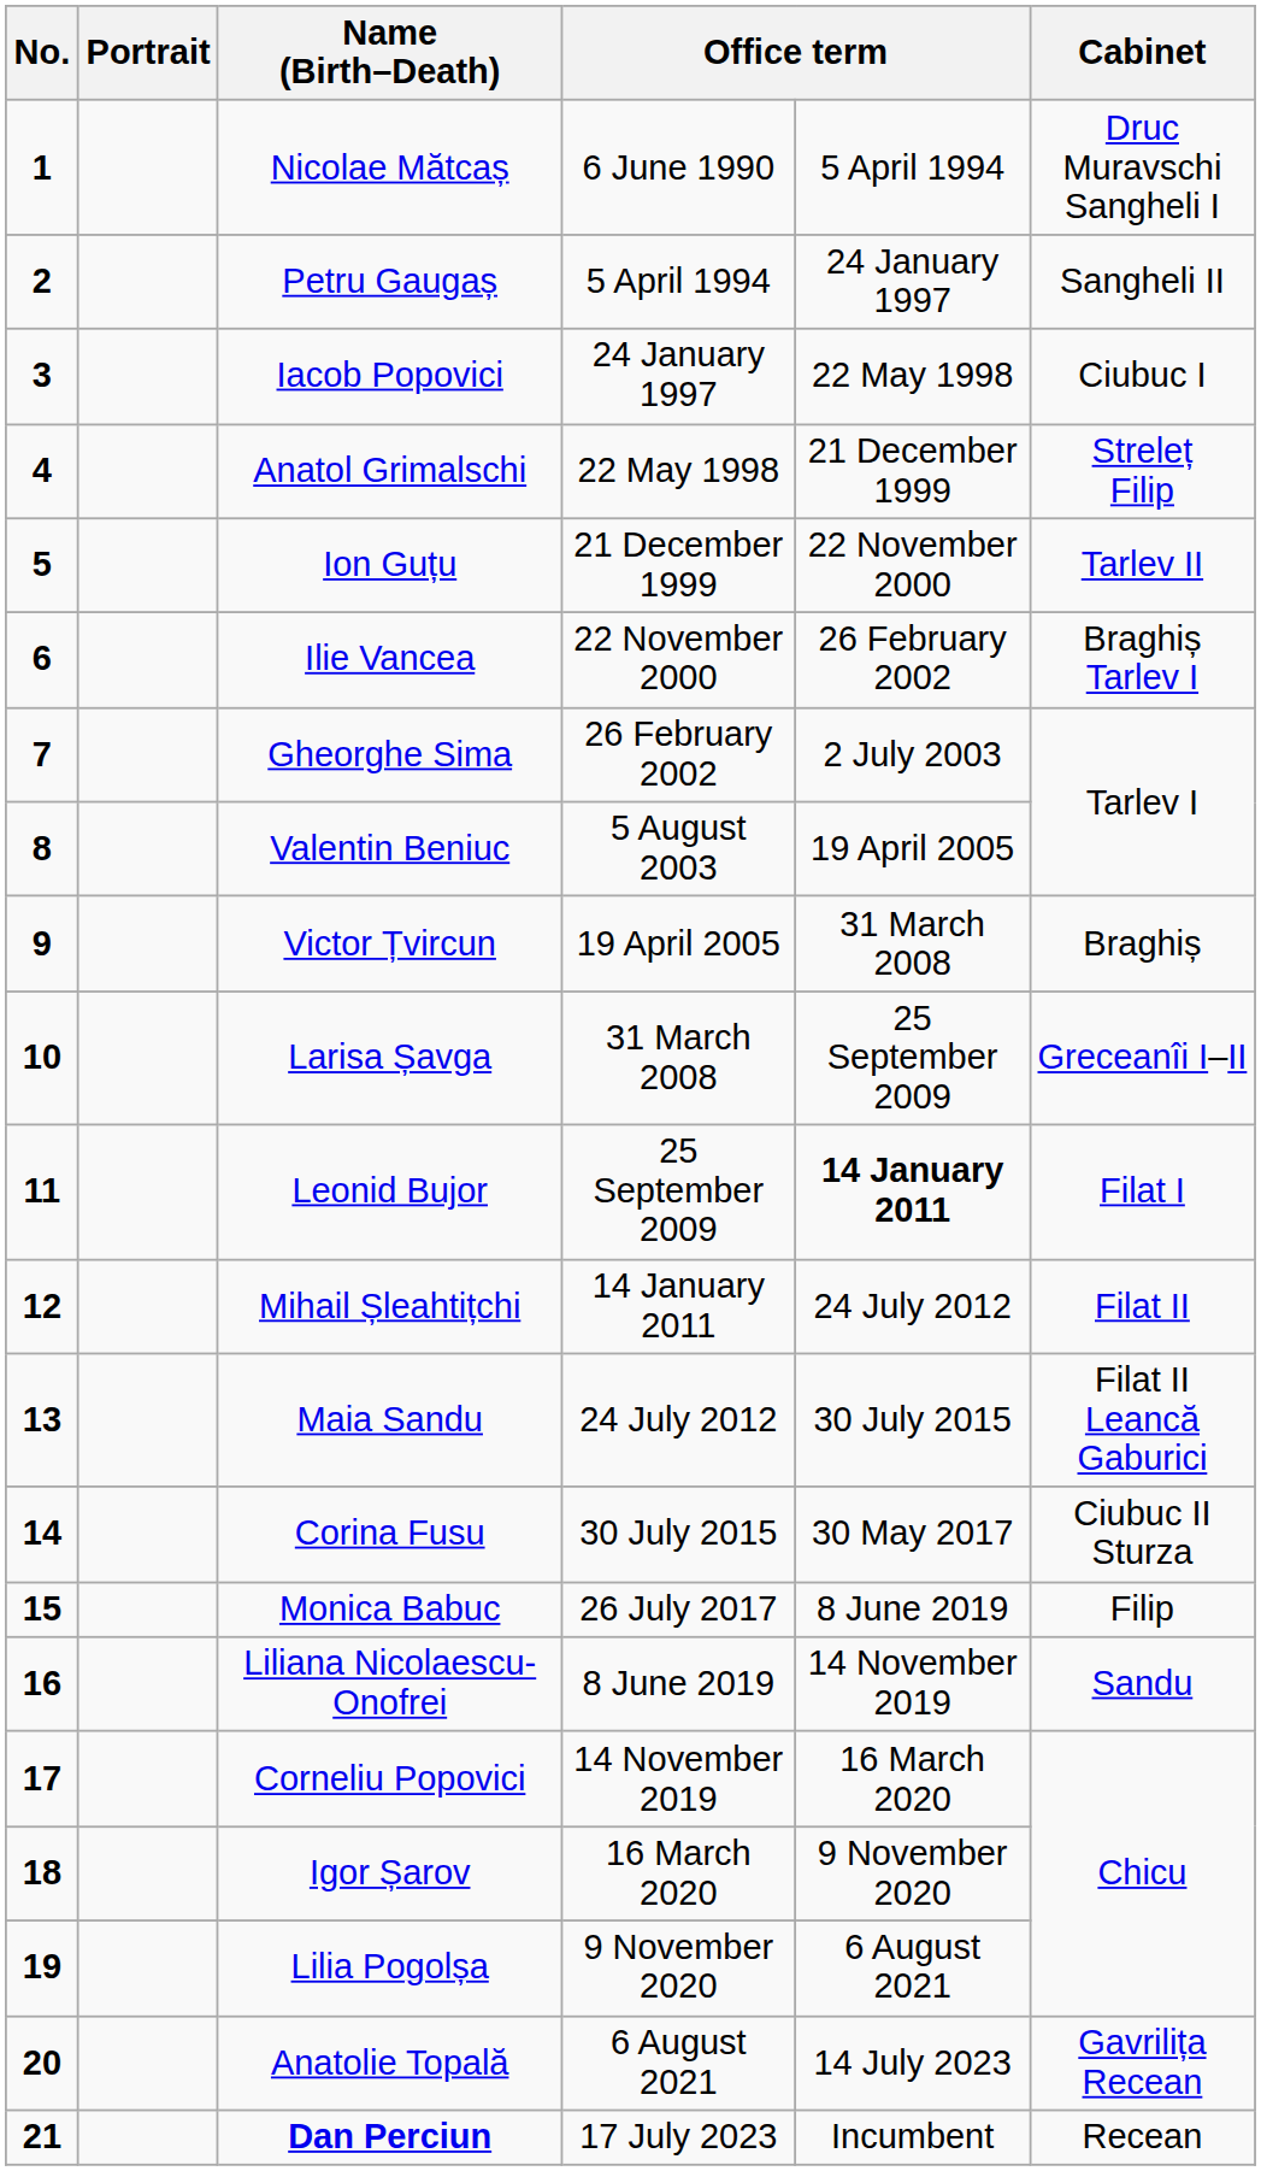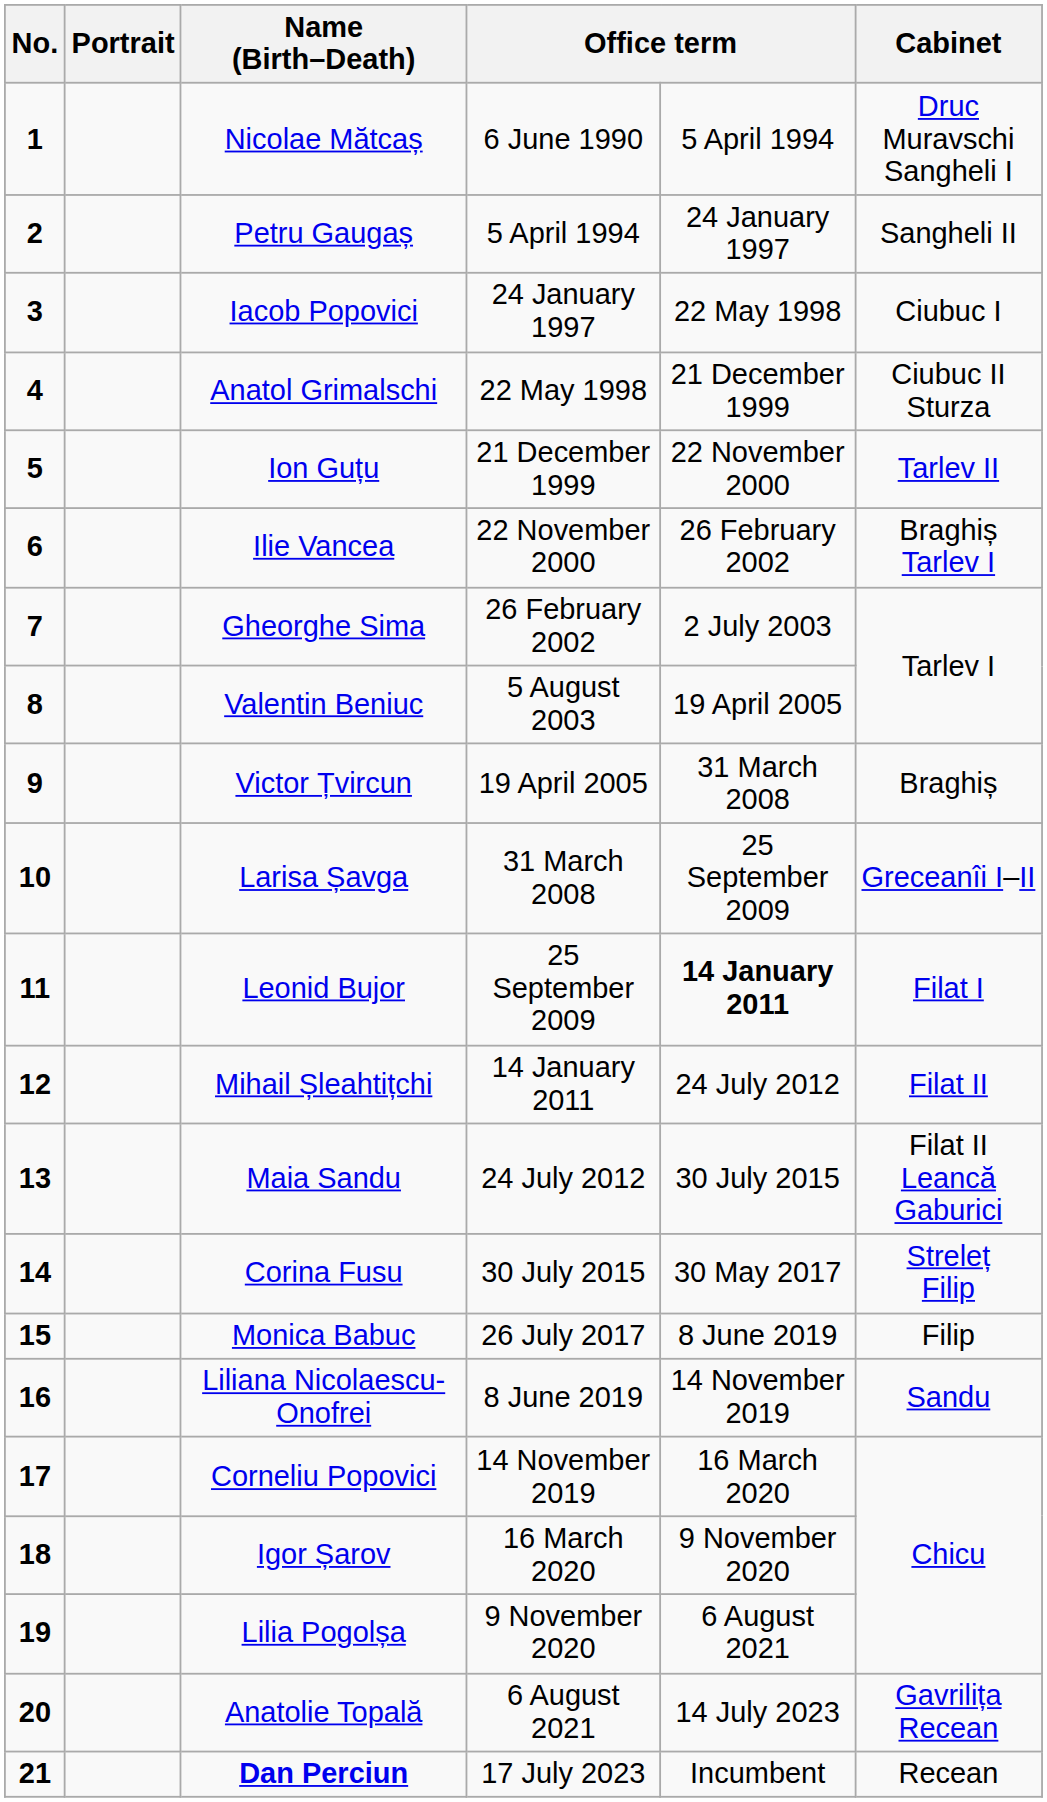 <table class="wikitable" style="text-align:center;">
 <tr>
 <th>No.</th>
 <th scope="col">Portrait</th>
 <th scope="col">Name<br>(Birth–Death)</th>
 <th colspan="2" scope="col">Office term</th>
 <th>Cabinet</th>
 </tr>
 <tr>
 <td><strong>1</strong></td>
 <td></td>
 <td width="150" style="text-align: center;"><a href='#'>Nicolae Mătcaș</a><br></td>
 <td width="100" style="text-align: center;">6 June 1990</td>
 <td width="100" style="text-align: center;">5 April 1994</td>
 <td><a href='#'>Druc</a><br>Muravschi<br>Sangheli I</td>
 </tr>
 <tr>
 <td><strong>2</strong></td>
 <td></td>
 <td width="150" style="text-align: center;"><a href='#'>Petru Gaugaș</a><br></td>
 <td width="100" style="text-align: center;">5 April 1994</td>
 <td width="100" style="text-align: center;">24 January 1997</td>
 <td>Sangheli II</td>
 </tr>
 <tr>
 <td><strong>3</strong></td>
 <td></td>
 <td width="150" style="text-align: center;"><a href='#'>Iacob Popovici</a><br></td>
 <td width="100" style="text-align: center;">24 January 1997</td>
 <td width="100" style="text-align: center;">22 May 1998</td>
 <td>Ciubuc I</td>
 </tr>
 <tr>
 <td><strong>4</strong></td>
 <td></td>
 <td width="150" style="text-align: center;"><a href='#'>Anatol Grimalschi</a><br></td>
 <td width="100" style="text-align: center;">22 May 1998</td>
 <td width="100" style="text-align: center;">21 December 1999</td>
-<td><a href='#'>Streleț</a><br><a href='#'>Filip</a></td>
+<td>Ciubuc II<br>Sturza</td>
 </tr>
 <tr>
 <td><strong>5</strong></td>
 <td></td>
 <td width="150" style="text-align: center;"><a href='#'>Ion Guțu</a><br></td>
 <td width="100" style="text-align: center;">21 December 1999</td>
 <td width="100" style="text-align: center;">22 November 2000</td>
 <td><a href='#'>Tarlev II</a></td>
 </tr>
 <tr>
 <td><strong>6</strong></td>
 <td></td>
 <td width="150" style="text-align: center;"><a href='#'>Ilie Vancea</a><br></td>
 <td width="100" style="text-align: center;">22 November 2000</td>
 <td width="100" style="text-align: center;">26 February 2002</td>
 <td>Braghiș<br><a href='#'>Tarlev I</a></td>
 </tr>
 <tr>
 <td><strong>7</strong></td>
 <td></td>
 <td width="150" style="text-align: center;"><a href='#'>Gheorghe Sima</a><br></td>
 <td width="100" style="text-align: center;">26 February 2002</td>
 <td width="100" style="text-align: center;">2 July 2003</td>
 <td rowspan="2">Tarlev I</td>
 </tr>
 <tr>
 <td><strong>8</strong></td>
 <td></td>
 <td width="150" style="text-align: center;"><a href='#'>Valentin Beniuc</a><br></td>
 <td width="100" style="text-align: center;">5 August 2003</td>
 <td width="100" style="text-align: center;">19 April 2005</td>
 </tr>
 <tr>
 <td><strong>9</strong></td>
 <td></td>
 <td width="150" style="text-align: center;"><a href='#'>Victor Țvircun</a><br></td>
 <td width="100" style="text-align: center;">19 April 2005</td>
 <td width="100" style="text-align: center;">31 March 2008</td>
 <td>Braghiș</td>
 </tr>
 <tr>
 <td><strong>10</strong></td>
 <td></td>
 <td width="150" style="text-align: center;"><a href='#'>Larisa Șavga</a><br></td>
 <td width="100" style="text-align: center;">31 March 2008</td>
 <td width="100" style="text-align: center;">25 September 2009</td>
 <td><a href='#'>Greceanîi I</a>–<a href='#'>II</a></td>
 </tr>
 <tr>
 <td><strong>11</strong></td>
 <td></td>
 <td width="150" style="text-align: center;"><a href='#'>Leonid Bujor</a><br></td>
 <td width="100" style="text-align: center;">25 September 2009</td>
 <td width="100" style="text-align: center;"><strong>14 January 2011</strong></td>
 <td><a href='#'>Filat I</a></td>
 </tr>
 <tr>
 <td><strong>12</strong></td>
 <td></td>
 <td width="150" style="text-align: center;"><a href='#'>Mihail Șleahtițchi</a><br></td>
 <td width="100" style="text-align: center;">14 January 2011</td>
 <td width="100" style="text-align: center;">24 July 2012</td>
 <td><a href='#'>Filat II</a></td>
 </tr>
 <tr>
 <td><strong>13</strong></td>
 <td></td>
 <td width="150" style="text-align: center;"><a href='#'>Maia Sandu</a><br></td>
 <td width="100" style="text-align: center;">24 July 2012</td>
 <td width="100" style="text-align: center;">30 July 2015</td>
 <td>Filat II<br><a href='#'>Leancă</a><br><a href='#'>Gaburici</a></td>
 </tr>
 <tr>
 <td><strong>14</strong></td>
 <td></td>
 <td width="150" style="text-align: center;"><a href='#'>Corina Fusu</a><br></td>
 <td width="100" style="text-align: center;">30 July 2015</td>
 <td width="100" style="text-align: center;">30 May 2017</td>
-<td>Ciubuc II<br>Sturza</td>
+<td><a href='#'>Streleț</a><br><a href='#'>Filip</a></td>
 </tr>
 <tr>
 <td><strong>15</strong></td>
 <td></td>
 <td width="150" style="text-align: center;"><a href='#'>Monica Babuc</a><br></td>
 <td width="100" style="text-align: center;">26 July 2017</td>
 <td width="100" style="text-align: center;">8 June 2019</td>
 <td>Filip</td>
 </tr>
 <tr>
 <td><strong>16</strong></td>
 <td></td>
 <td width="150" style="text-align: center;"><a href='#'>Liliana Nicolaescu-Onofrei</a><br></td>
 <td width="100" style="text-align: center;">8 June 2019</td>
 <td width="100" style="text-align: center;">14 November 2019</td>
 <td><a href='#'>Sandu</a></td>
 </tr>
 <tr>
 <td><strong>17</strong></td>
 <td></td>
 <td width="150" style="text-align: center;"><a href='#'>Corneliu Popovici</a><br></td>
 <td width="100" style="text-align: center;">14 November 2019</td>
 <td width="100" style="text-align: center;">16 March 2020</td>
 <td rowspan="3"><a href='#'>Chicu</a></td>
 </tr>
 <tr>
 <td><strong>18</strong></td>
 <td></td>
 <td width="150" style="text-align: center;"><a href='#'>Igor Șarov</a><br></td>
 <td width="100" style="text-align: center;">16 March 2020</td>
 <td width="100" style="text-align: center;">9 November 2020</td>
 </tr>
 <tr>
 <td><strong>19</strong></td>
 <td></td>
 <td width="150" style="text-align: center;"><a href='#'>Lilia Pogolșa</a><br></td>
 <td width="100" style="text-align: center;">9 November 2020</td>
 <td width="100" style="text-align: center;">6 August 2021</td>
 </tr>
 <tr>
 <td><strong>20</strong></td>
 <td></td>
 <td width="150" style="text-align: center;"><a href='#'>Anatolie Topală</a><br></td>
 <td width="100" style="text-align: center;">6 August 2021</td>
 <td width="100" style="text-align: center;">14 July 2023</td>
 <td><a href='#'>Gavrilița</a><br><a href='#'>Recean</a></td>
 </tr>
 <tr>
 <td><strong>21</strong></td>
 <td></td>
 <td width="150" style="text-align: center;"><strong><a href='#'>Dan Perciun</a></strong><br></td>
 <td width="100" style="text-align: center;">17 July 2023</td>
 <td width="100" style="text-align: center;">Incumbent</td>
 <td>Recean</td>
 </tr>
 </table>
